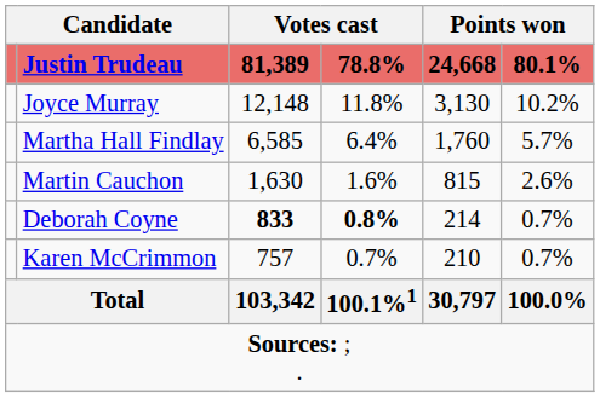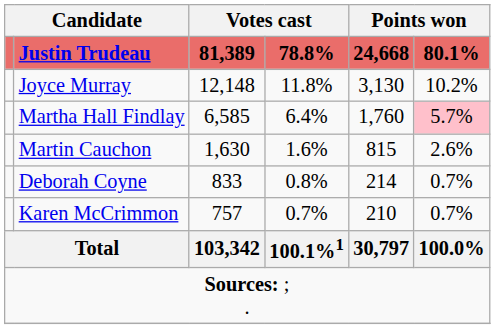 <table class="wikitable">
 <tr>
 <th colspan="2">Candidate</th>
 <th colspan = "2">Votes cast</th>
 <th colspan = "2">Points won</th>
 </tr>
 <tr style="background:#EA6D6A">
 <td></td>
 <td><strong><a href='#'>Justin Trudeau</a></strong></td>
 <td align = "center"><strong>81,389</strong></td>
 <td align = "center"><strong>78.8%</strong></td>
 <td align = "center"><strong>24,668</strong></td>
 <td align = "center"><strong>80.1%</strong></td>
 </tr>
 <tr>
 <td></td>
 <td><a href='#'>Joyce Murray</a></td>
 <td align = "center">12,148</td>
 <td align = "center">11.8%</td>
 <td align = "center">3,130</td>
 <td align = "center">10.2%</td>
 </tr>
 <tr>
 <td></td>
 <td><a href='#'>Martha Hall Findlay</a></td>
 <td align = "center">6,585</td>
 <td align = "center">6.4%</td>
 <td align = "center">1,760</td>
-<td align = "center">5.7%</td>
+<td align = "center" style="background: pink;">5.7%</td>
 </tr>
 <tr>
 <td></td>
 <td><a href='#'>Martin Cauchon</a></td>
 <td align = "center">1,630</td>
 <td align = "center">1.6%</td>
 <td align = "center">815</td>
 <td align = "center">2.6%</td>
 </tr>
 <tr>
 <td></td>
 <td><a href='#'>Deborah Coyne</a></td>
-<td align = "center"><strong>833</strong></td>
-<td align = "center"><strong>0.8%</strong></td>
+<td align = "center">833</td>
+<td align = "center">0.8%</td>
 <td align = "center">214</td>
 <td align = "center">0.7%</td>
 </tr>
 <tr>
 <td></td>
 <td><a href='#'>Karen McCrimmon</a></td>
 <td align = "center">757</td>
 <td align = "center">0.7%</td>
 <td align = "center">210</td>
 <td align = "center">0.7%</td>
 </tr>
 <tr>
 <th colspan = "2">Total</th>
 <th align = "center">103,342</th>
 <th align = "center">100.1%<sup>1</sup></th>
 <th align = "center">30,797</th>
 <th align = "center">100.0%</th>
 </tr>
 <tr>
 <td align="center" colspan=6><strong>Sources:</strong> ; <br> .</td>
 </tr>
 <tr>
 </tr>
 </table>
